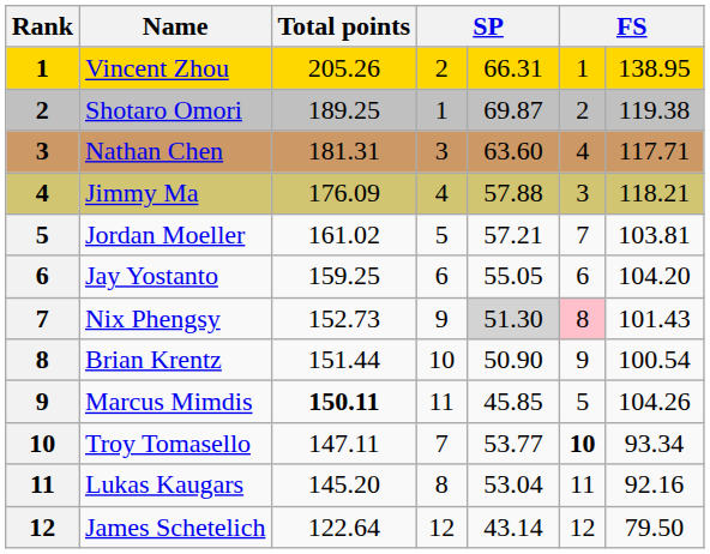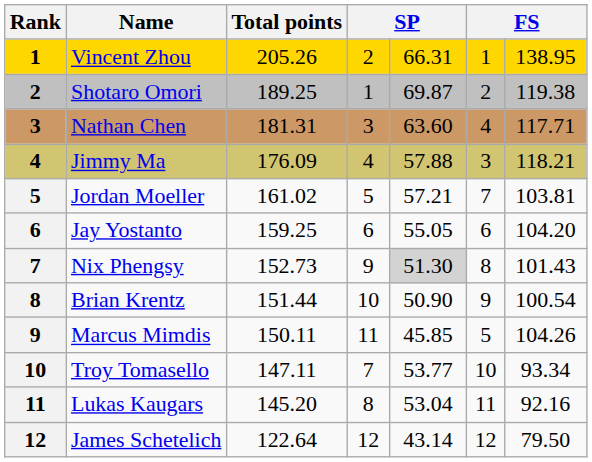 <table class="wikitable sortable">
 <tr>
 <th>Rank</th>
 <th>Name</th>
 <th>Total points</th>
 <th colspan="2" width="80px"><a href='#'>SP</a></th>
 <th colspan="2" width="80px"><a href='#'>FS</a></th>
 </tr>
 <tr bgcolor="gold">
 <td align="center"><strong>1</strong></td>
 <td><a href='#'>Vincent Zhou</a></td>
 <td align="center">205.26</td>
 <td align="center">2</td>
 <td align="center">66.31</td>
 <td align="center">1</td>
 <td align="center">138.95</td>
 </tr>
 <tr bgcolor="silver">
 <td align="center"><strong>2</strong></td>
 <td><a href='#'>Shotaro Omori</a></td>
 <td align="center">189.25</td>
 <td align="center">1</td>
 <td align="center">69.87</td>
 <td align="center">2</td>
 <td align="center">119.38</td>
 </tr>
 <tr bgcolor="cc9966">
 <td align="center"><strong>3</strong></td>
 <td><a href='#'>Nathan Chen</a></td>
 <td align="center">181.31</td>
 <td align="center">3</td>
 <td align="center">63.60</td>
 <td align="center">4</td>
 <td align="center">117.71</td>
 </tr>
 <tr bgcolor="#d1c571">
 <td align="center"><strong>4</strong></td>
 <td><a href='#'>Jimmy Ma</a></td>
 <td align="center">176.09</td>
 <td align="center">4</td>
 <td align="center">57.88</td>
 <td align="center">3</td>
 <td align="center">118.21</td>
 </tr>
 <tr>
 <th>5</th>
 <td><a href='#'>Jordan Moeller</a></td>
 <td align="center">161.02</td>
 <td align="center">5</td>
 <td align="center">57.21</td>
 <td align="center">7</td>
 <td align="center">103.81</td>
 </tr>
 <tr>
 <th>6</th>
 <td><a href='#'>Jay Yostanto</a></td>
 <td align="center">159.25</td>
 <td align="center">6</td>
 <td align="center">55.05</td>
 <td align="center">6</td>
 <td align="center">104.20</td>
 </tr>
 <tr>
 <th>7</th>
 <td><a href='#'>Nix Phengsy</a></td>
 <td align="center">152.73</td>
 <td align="center">9</td>
 <td align="center" style="background: lightgrey;">51.30</td>
-<td align="center" style="background: pink;">8</td>
+<td align="center">8</td>
 <td align="center">101.43</td>
 </tr>
 <tr>
 <th>8</th>
 <td><a href='#'>Brian Krentz</a></td>
 <td align="center">151.44</td>
 <td align="center">10</td>
 <td align="center">50.90</td>
 <td align="center">9</td>
 <td align="center">100.54</td>
 </tr>
 <tr>
 <th>9</th>
 <td><a href='#'>Marcus Mimdis</a></td>
-<td align="center"><strong>150.11</strong></td>
+<td align="center">150.11</td>
 <td align="center">11</td>
 <td align="center">45.85</td>
 <td align="center">5</td>
 <td align="center">104.26</td>
 </tr>
 <tr>
 <th>10</th>
 <td><a href='#'>Troy Tomasello</a></td>
 <td align="center">147.11</td>
 <td align="center">7</td>
 <td align="center">53.77</td>
-<td align="center"><strong>10</strong></td>
+<td align="center">10</td>
 <td align="center">93.34</td>
 </tr>
 <tr>
 <th>11</th>
 <td><a href='#'>Lukas Kaugars</a></td>
 <td align="center">145.20</td>
 <td align="center">8</td>
 <td align="center">53.04</td>
 <td align="center">11</td>
 <td align="center">92.16</td>
 </tr>
 <tr>
 <th>12</th>
 <td><a href='#'>James Schetelich</a></td>
 <td align="center">122.64</td>
 <td align="center">12</td>
 <td align="center">43.14</td>
 <td align="center">12</td>
 <td align="center">79.50</td>
 </tr>
 </table>
